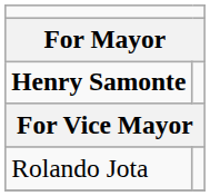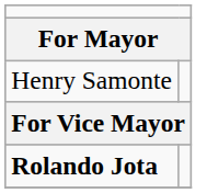 <table class=wikitable style="font-size:90%">
 <tr>
 <td colspan=4 bgcolor=></td>
 </tr>
 <tr>
 <th colspan=3>For Mayor</th>
 </tr>
 <tr>
-<td><strong>Henry Samonte</strong></td>
+<td>Henry Samonte</td>
 <td></td>
 </tr>
 <tr>
 <th colspan=3>For Vice Mayor</th>
 </tr>
 <tr>
-<td>Rolando Jota</td>
+<td><strong>Rolando Jota</strong></td>
 <td></td>
 </tr>
 <tr>
 </tr>
 </table>
